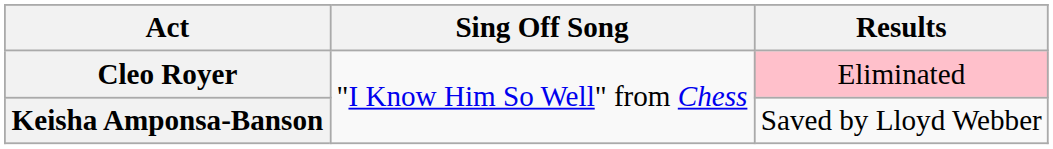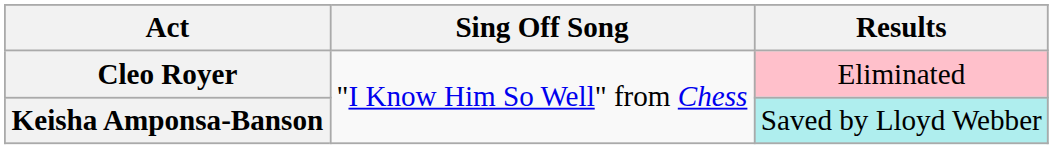 <table class="wikitable plainrowheaders" style="text-align:center;">
 <tr>
 <th scope="col">Act</th>
 <th scope="col">Sing Off Song</th>
 <th scope="col">Results</th>
 </tr>
 <tr>
 <th scope="row">Cleo Royer</th>
 <td rowspan="2">"<a href='#'>I Know Him So Well</a>" from <em><a href='#'>Chess</a></em></td>
 <td style="background:pink;">Eliminated</td>
 </tr>
 <tr>
 <th scope="row">Keisha Amponsa-Banson</th>
-<td>Saved by Lloyd Webber</td>
+<td style="background: paleturquoise;">Saved by Lloyd Webber</td>
 </tr>
 </table>
